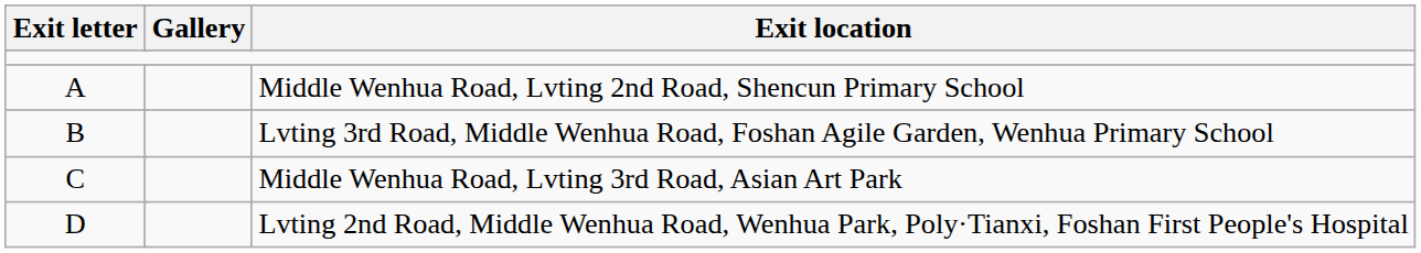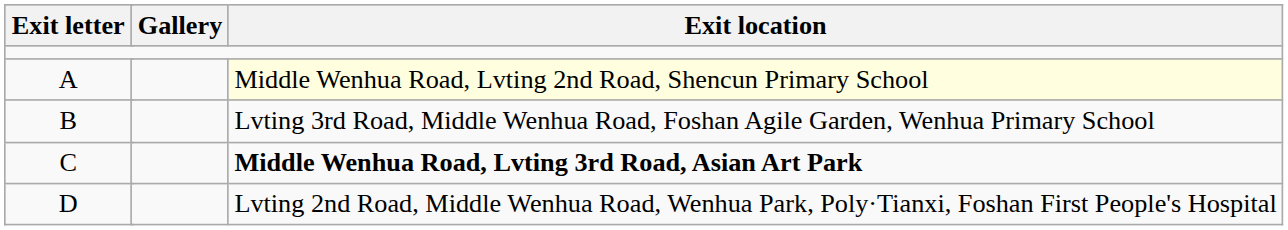 <table class="wikitable">
 <tr>
 <th colspan=2 style="width:70px">Exit letter</th>
 <th>Gallery</th>
 <th>Exit location</th>
 </tr>
 <tr style="background:#">
 <td colspan="4"></td>
 </tr>
 <tr>
 <td colspan=2 align=center>A</td>
 <td></td>
-<td>Middle Wenhua Road, Lvting 2nd Road, Shencun Primary School</td>
+<td style="background: lightyellow;">Middle Wenhua Road, Lvting 2nd Road, Shencun Primary School</td>
 </tr>
 <tr>
 <td colspan=2 align=center>B</td>
 <td></td>
 <td>Lvting 3rd Road, Middle Wenhua Road, Foshan Agile Garden, Wenhua Primary School</td>
 </tr>
 <tr>
 <td colspan=2 align=center>C</td>
 <td></td>
-<td>Middle Wenhua Road, Lvting 3rd Road, Asian Art Park</td>
+<td><strong>Middle Wenhua Road, Lvting 3rd Road, Asian Art Park</strong></td>
 </tr>
 <tr>
 <td colspan=2 align=center>D</td>
 <td></td>
 <td>Lvting 2nd Road, Middle Wenhua Road, Wenhua Park, Poly·Tianxi, Foshan First People's Hospital</td>
 </tr>
 </table>
